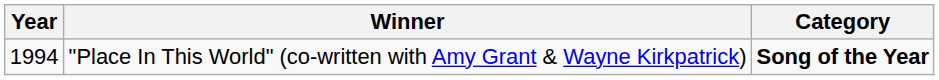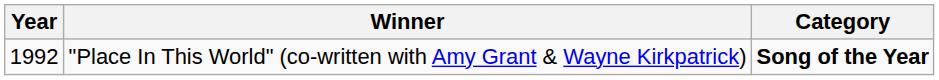 <table class="wikitable">
 <tr>
 <th>Year</th>
 <th>Winner</th>
 <th>Category</th>
 </tr>
 <tr>
-<td>1994</td>
+<td>1992</td>
 <td>"Place In This World" (co-written with <a href='#'>Amy Grant</a> & <a href='#'>Wayne Kirkpatrick</a>)</td>
 <td><strong>Song of the Year</strong></td>
 </tr>
 </table>
